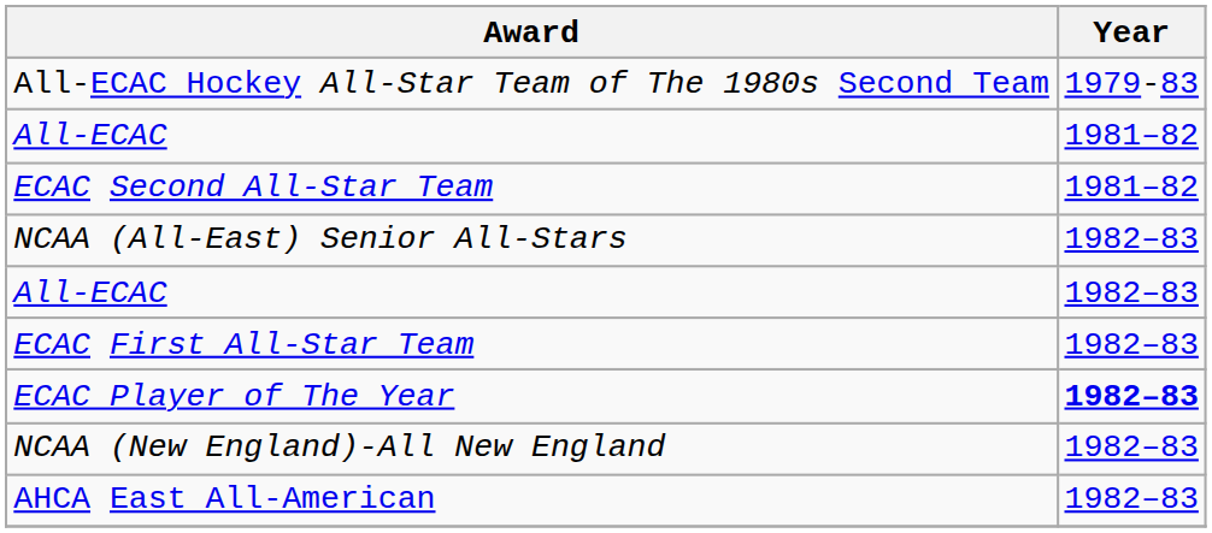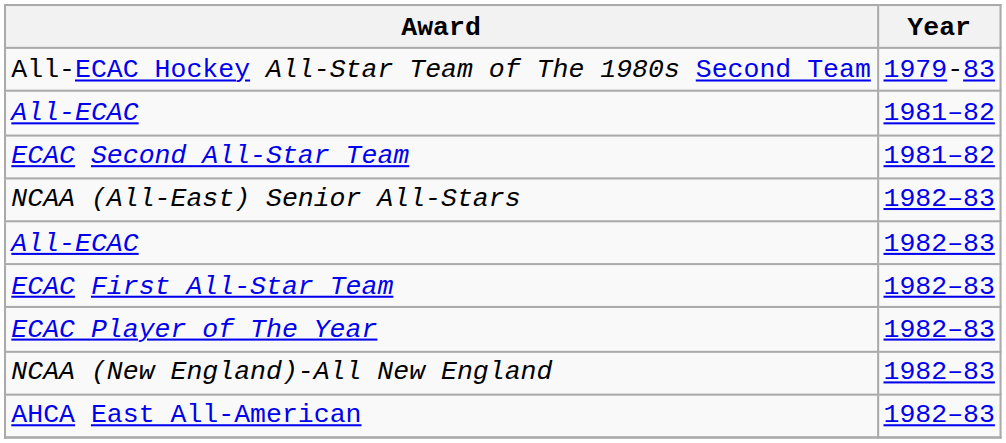 <table class="wikitable">
 <tr>
 <th>Award</th>
 <th>Year</th>
 </tr>
 <tr>
 <td>All-<a href='#'>ECAC Hockey</a> <em>All-Star Team of The 1980s</em> <a href='#'>Second Team</a></td>
 <td><a href='#'>1979</a>-<a href='#'>83</a></td>
 </tr>
 <tr>
 <td><em><a href='#'>All-ECAC</a></em></td>
 <td><a href='#'>1981–82</a></td>
 </tr>
 <tr>
 <td><em><a href='#'>ECAC</a> <a href='#'>Second All-Star Team</a></em></td>
 <td><a href='#'>1981–82</a></td>
 </tr>
 <tr>
 <td><em>NCAA (All-East) Senior All-Stars</em></td>
 <td><a href='#'>1982–83</a></td>
 </tr>
 <tr>
 <td><em><a href='#'>All-ECAC</a></em></td>
 <td><a href='#'>1982–83</a></td>
 </tr>
 <tr>
 <td><em><a href='#'>ECAC</a> <a href='#'>First All-Star Team</a></em></td>
 <td><a href='#'>1982–83</a></td>
 </tr>
 <tr>
 <td><em><a href='#'>ECAC Player of The Year</a></em></td>
-<td><strong><a href='#'>1982–83</a></strong></td>
+<td><a href='#'>1982–83</a></td>
 </tr>
 <tr>
 <td><em>NCAA (New England)-All New England</em></td>
 <td><a href='#'>1982–83</a></td>
 </tr>
 <tr>
 <td><a href='#'>AHCA</a> <a href='#'>East All-American</a></td>
 <td><a href='#'>1982–83</a></td>
 </tr>
 <tr>
 </tr>
 </table>
